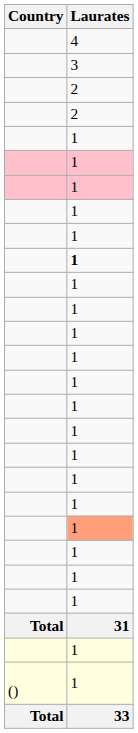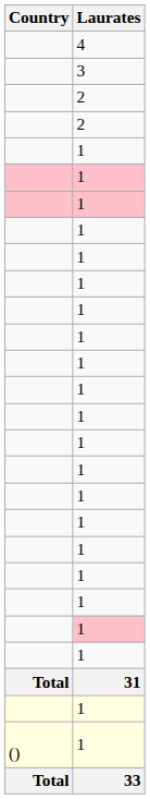 <table class="wikitable sortable sticky-header col2right static-row-numbers static-row-header-hash static-row-header-center">
 <tr>
 <th>Country</th>
 <th>Laurates</th>
 </tr>
 <tr>
 <td></td>
 <td>4</td>
 </tr>
 <tr>
 <td></td>
 <td>3</td>
 </tr>
 <tr>
 <td></td>
 <td>2</td>
 </tr>
 <tr>
 <td></td>
 <td>2</td>
 </tr>
 <tr>
 <td></td>
 <td>1</td>
 </tr>
 <tr style="background-color:pink;">
 <td></td>
 <td>1</td>
 </tr>
 <tr style="background-color:pink;">
 <td></td>
 <td>1</td>
 </tr>
 <tr>
 <td></td>
 <td>1</td>
 </tr>
 <tr>
 <td></td>
 <td>1</td>
 </tr>
 <tr>
 <td></td>
-<td><strong>1</strong></td>
+<td>1</td>
 </tr>
 <tr>
 <td></td>
 <td>1</td>
 </tr>
 <tr>
 <td></td>
 <td>1</td>
 </tr>
 <tr>
 <td></td>
 <td>1</td>
 </tr>
 <tr>
 <td></td>
 <td>1</td>
 </tr>
 <tr>
 <td></td>
 <td>1</td>
 </tr>
 <tr>
 <td></td>
 <td>1</td>
 </tr>
 <tr>
 <td></td>
 <td>1</td>
 </tr>
 <tr>
 <td></td>
 <td>1</td>
 </tr>
 <tr>
 <td></td>
 <td>1</td>
 </tr>
 <tr>
 <td></td>
 <td>1</td>
 </tr>
 <tr>
 <td></td>
-<td style="background: lightsalmon;">1</td>
+<td>1</td>
 </tr>
 <tr>
 <td></td>
 <td>1</td>
 </tr>
 <tr>
 <td></td>
-<td>1</td>
+<td style="background: pink;">1</td>
 </tr>
 <tr>
 <td></td>
 <td>1</td>
 </tr>
 <tr class="sortbottom static-row-header">
 <th style="text-align:right;">Total</th>
 <th style="text-align:right;">31</th>
 </tr>
 <tr class="sortbottom" style="background-color:#FFFFE0;">
 <td><em></em></td>
 <td>1</td>
 </tr>
 <tr class="sortbottom" style="background-color:#FFFFE0;">
 <td><em></em><br>()</td>
 <td>1</td>
 </tr>
 <tr class="sortbottom static-row-header">
 <th style="text-align:right;">Total</th>
 <th style="text-align:right;">33</th>
 </tr>
 </table>
